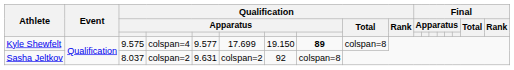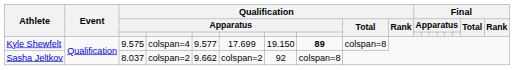 <table class=wikitable style=font-size:90%;text-align:center>
 <tr>
 <th rowspan=3>Athlete</th>
 <th rowspan=3>Event</th>
 <th colspan=8>Qualification</th>
 <th colspan=8>Final</th>
 </tr>
 <tr style=font-size:95%>
 <th colspan=6>Apparatus</th>
 <th rowspan=2>Total</th>
 <th rowspan=2>Rank</th>
 <th colspan=6>Apparatus</th>
 <th rowspan=2>Total</th>
 <th rowspan=2>Rank</th>
 </tr>
 <tr style=font-size:95%>
 <th></th>
 <th></th>
 <th></th>
 <th></th>
 <th></th>
 <th></th>
 <th></th>
 <th></th>
 <th></th>
 <th></th>
 <th></th>
 <th></th>
 </tr>
 <tr>
 <td align=left><a href='#'>Kyle Shewfelt</a></td>
 <td align=left rowspan=2><a href='#'>Qualification</a></td>
 <td>9.575</td>
 <td>colspan=4 </td>
 <td>9.577</td>
 <td>17.699</td>
 <td>19.150</td>
 <td><strong>89</strong></td>
 <td>colspan=8 </td>
 </tr>
 <tr>
 <td align=left><a href='#'>Sasha Jeltkov</a></td>
 <td>8.037</td>
 <td>colspan=2 </td>
-<td>9.631</td>
+<td>9.662</td>
 <td>colspan=2 </td>
 <td>92</td>
 <td>colspan=8 </td>
 </tr>
 </table>
